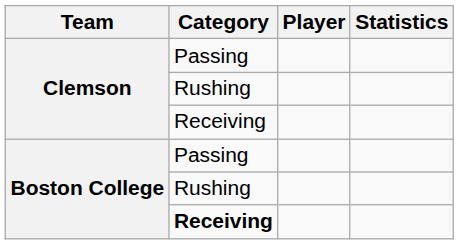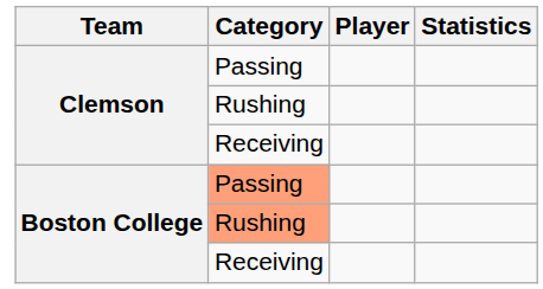 <table class="wikitable" style="float:right">
 <tr>
 <th>Team</th>
 <th>Category</th>
 <th>Player</th>
 <th>Statistics</th>
 </tr>
 <tr>
 <th rowspan=3>Clemson</th>
 <td>Passing</td>
 <td></td>
 <td></td>
 </tr>
 <tr>
 <td>Rushing</td>
 <td></td>
 <td></td>
 </tr>
 <tr>
 <td>Receiving</td>
 <td></td>
 <td></td>
 </tr>
 <tr>
 <th rowspan=3>Boston College</th>
-<td>Passing</td>
+<td style="background: lightsalmon;">Passing</td>
 <td></td>
 <td></td>
 </tr>
 <tr>
-<td>Rushing</td>
+<td style="background: lightsalmon;">Rushing</td>
 <td></td>
 <td></td>
 </tr>
 <tr>
-<td><strong>Receiving</strong></td>
+<td>Receiving</td>
 <td></td>
 <td></td>
 </tr>
 </table>
